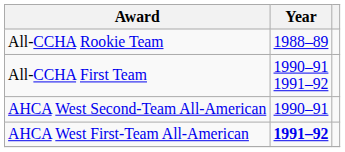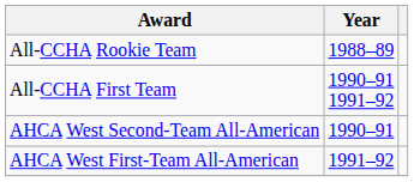 <table class="wikitable">
 <tr>
 <th>Award</th>
 <th>Year</th>
 <th></th>
 </tr>
 <tr>
 <td>All-<a href='#'>CCHA</a> <a href='#'>Rookie Team</a></td>
 <td><a href='#'>1988–89</a></td>
 <td></td>
 </tr>
 <tr>
 <td>All-<a href='#'>CCHA</a> <a href='#'>First Team</a></td>
 <td><a href='#'>1990–91</a><br><a href='#'>1991–92</a></td>
 <td></td>
 </tr>
 <tr>
 <td><a href='#'>AHCA</a> <a href='#'>West Second-Team All-American</a></td>
 <td><a href='#'>1990–91</a></td>
 <td></td>
 </tr>
 <tr>
 <td><a href='#'>AHCA</a> <a href='#'>West First-Team All-American</a></td>
-<td><strong><a href='#'>1991–92</a></strong></td>
+<td><a href='#'>1991–92</a></td>
 <td></td>
 </tr>
 <tr>
 </tr>
 </table>
